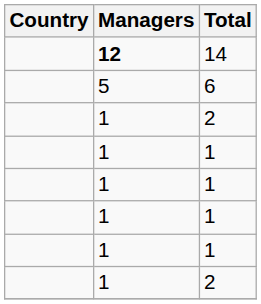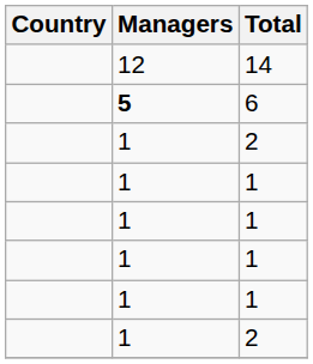 <table class="sortable wikitable">
 <tr>
 <th>Country</th>
 <th>Managers</th>
 <th>Total</th>
 </tr>
 <tr>
 <td></td>
-<td><strong>12</strong></td>
+<td>12</td>
 <td>14</td>
 </tr>
 <tr>
 <td></td>
-<td>5</td>
+<td><strong>5</strong></td>
 <td>6</td>
 </tr>
 <tr>
 <td></td>
 <td>1</td>
 <td>2</td>
 </tr>
 <tr>
 <td></td>
 <td>1</td>
 <td>1</td>
 </tr>
 <tr>
 <td></td>
 <td>1</td>
 <td>1</td>
 </tr>
 <tr>
 <td></td>
 <td>1</td>
 <td>1</td>
 </tr>
 <tr>
 <td></td>
 <td>1</td>
 <td>1</td>
 </tr>
 <tr>
 <td></td>
 <td>1</td>
 <td>2</td>
 </tr>
 <tr>
 </tr>
 </table>
